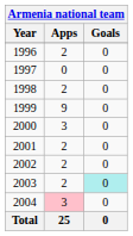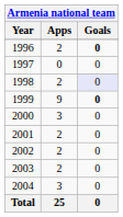 <table class="wikitable" style="text-align:center">
 <tr>
 <th colspan=3><a href='#'>Armenia national team</a></th>
 </tr>
 <tr>
 <th>Year</th>
 <th>Apps</th>
 <th>Goals</th>
 </tr>
 <tr>
 </tr>
 <tr>
 <td>1996</td>
 <td>2</td>
-<td>0</td>
+<td><strong>0</strong></td>
 </tr>
 <tr>
 <td>1997</td>
 <td>0</td>
 <td>0</td>
 </tr>
 <tr>
 <td>1998</td>
 <td>2</td>
-<td>0</td>
+<td style="background: lavender;">0</td>
 </tr>
 <tr>
 <td>1999</td>
 <td>9</td>
-<td>0</td>
+<td><strong>0</strong></td>
 </tr>
 <tr>
 <td>2000</td>
 <td>3</td>
 <td>0</td>
 </tr>
 <tr>
 <td>2001</td>
 <td>2</td>
 <td>0</td>
 </tr>
 <tr>
 <td>2002</td>
 <td>2</td>
 <td>0</td>
 </tr>
 <tr>
 <td>2003</td>
 <td>2</td>
-<td style="background: paleturquoise;">0</td>
+<td>0</td>
 </tr>
 <tr>
 <td>2004</td>
-<td style="background: pink;">3</td>
+<td>3</td>
 <td>0</td>
 </tr>
 <tr>
 <th>Total</th>
 <th>25</th>
 <th>0</th>
 </tr>
 </table>
